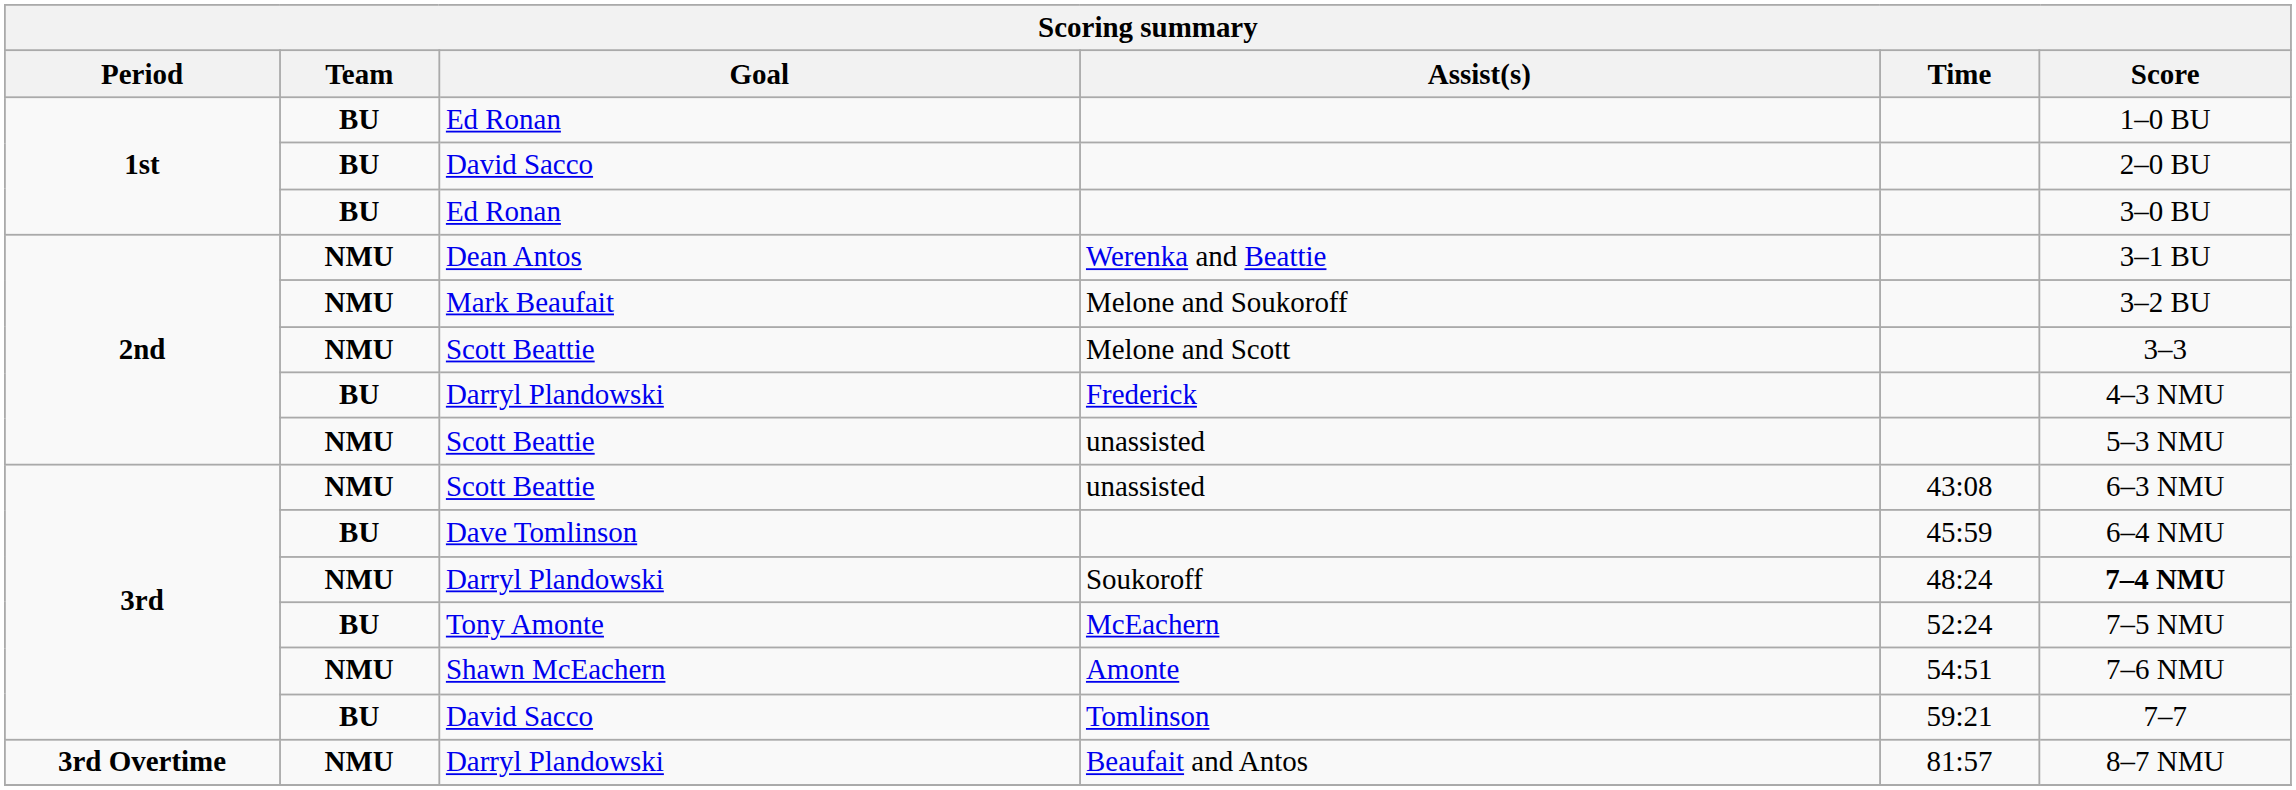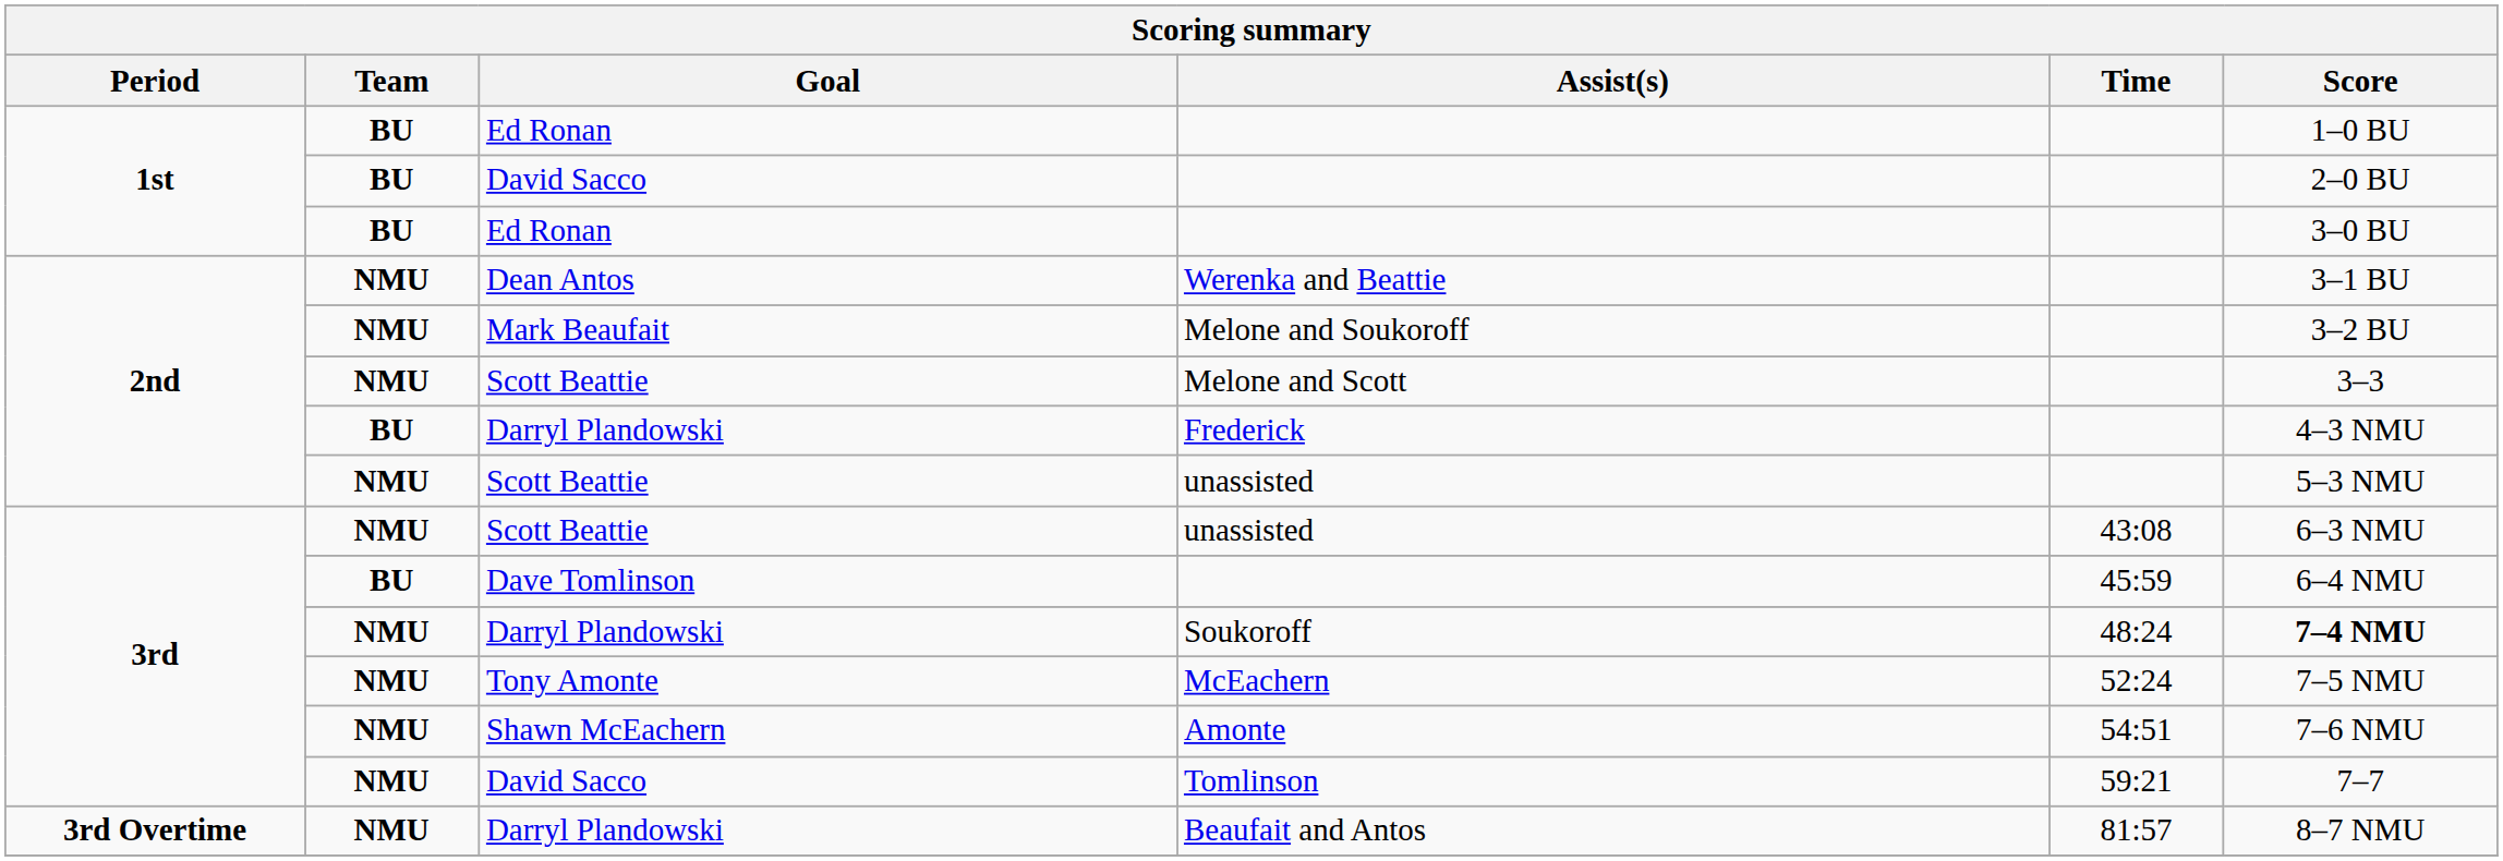 <table style="width:100%;" class="wikitable">
 <tr>
 <th colspan=6>Scoring summary</th>
 </tr>
 <tr>
 <th style="width:12%;">Period</th>
 <th style="width:7%;">Team</th>
 <th style="width:28%;">Goal</th>
 <th style="width:35%;">Assist(s)</th>
 <th style="width:7%;">Time</th>
 <th style="width:11%;">Score</th>
 </tr>
 <tr>
 <td style="text-align:center;" rowspan="3"><strong>1st</strong></td>
 <td align=center><strong>BU</strong></td>
 <td><a href='#'>Ed Ronan</a></td>
 <td></td>
 <td align=center></td>
 <td align=center>1–0 BU</td>
 </tr>
 <tr>
 <td align=center><strong>BU</strong></td>
 <td><a href='#'>David Sacco</a></td>
 <td></td>
 <td align=center></td>
 <td align=center>2–0 BU</td>
 </tr>
 <tr>
 <td align=center><strong>BU</strong></td>
 <td><a href='#'>Ed Ronan</a></td>
 <td></td>
 <td align=center></td>
 <td align=center>3–0 BU</td>
 </tr>
 <tr>
 <td style="text-align:center;" rowspan="5"><strong>2nd</strong></td>
 <td align=center><strong>NMU</strong></td>
 <td><a href='#'>Dean Antos</a></td>
 <td><a href='#'>Werenka</a> and <a href='#'>Beattie</a></td>
 <td align=center></td>
 <td align=center>3–1 BU</td>
 </tr>
 <tr>
 <td align=center><strong>NMU</strong></td>
 <td><a href='#'>Mark Beaufait</a></td>
 <td>Melone and Soukoroff</td>
 <td align=center></td>
 <td align=center>3–2 BU</td>
 </tr>
 <tr>
 <td align=center><strong>NMU</strong></td>
 <td><a href='#'>Scott Beattie</a></td>
 <td>Melone and Scott</td>
 <td align=center></td>
 <td align=center>3–3</td>
 </tr>
 <tr>
 <td align=center><strong>BU</strong></td>
 <td><a href='#'>Darryl Plandowski</a></td>
 <td><a href='#'>Frederick</a></td>
 <td align=center></td>
 <td align=center>4–3 NMU</td>
 </tr>
 <tr>
 <td align=center><strong>NMU</strong></td>
 <td><a href='#'>Scott Beattie</a></td>
 <td>unassisted</td>
 <td align=center></td>
 <td align=center>5–3 NMU</td>
 </tr>
 <tr>
 <td style="text-align:center;" rowspan="6"><strong>3rd</strong></td>
 <td align=center><strong>NMU</strong></td>
 <td><a href='#'>Scott Beattie</a></td>
 <td>unassisted</td>
 <td align=center>43:08</td>
 <td align=center>6–3 NMU</td>
 </tr>
 <tr>
 <td align=center><strong>BU</strong></td>
 <td><a href='#'>Dave Tomlinson</a></td>
 <td></td>
 <td align=center>45:59</td>
 <td align=center>6–4 NMU</td>
 </tr>
 <tr>
 <td align=center><strong>NMU</strong></td>
 <td><a href='#'>Darryl Plandowski</a></td>
 <td>Soukoroff</td>
 <td align=center>48:24</td>
 <td align=center><strong>7–4 NMU</strong></td>
 </tr>
 <tr>
-<td align=center><strong>BU</strong></td>
+<td align=center><strong>NMU</strong></td>
 <td><a href='#'>Tony Amonte</a></td>
 <td><a href='#'>McEachern</a></td>
 <td align=center>52:24</td>
 <td align=center>7–5 NMU</td>
 </tr>
 <tr>
 <td align=center><strong>NMU</strong></td>
 <td><a href='#'>Shawn McEachern</a></td>
 <td><a href='#'>Amonte</a></td>
 <td align=center>54:51</td>
 <td align=center>7–6 NMU</td>
 </tr>
 <tr>
-<td align=center><strong>BU</strong></td>
+<td align=center><strong>NMU</strong></td>
 <td><a href='#'>David Sacco</a></td>
 <td><a href='#'>Tomlinson</a></td>
 <td align=center>59:21</td>
 <td align=center>7–7</td>
 </tr>
 <tr>
 <td style="text-align:center;" rowspan="1"><strong>3rd Overtime</strong></td>
 <td align=center><strong>NMU</strong></td>
 <td><a href='#'>Darryl Plandowski</a></td>
 <td><a href='#'>Beaufait</a> and Antos</td>
 <td align=center>81:57</td>
 <td align=center>8–7 NMU</td>
 </tr>
 <tr>
 </tr>
 </table>
